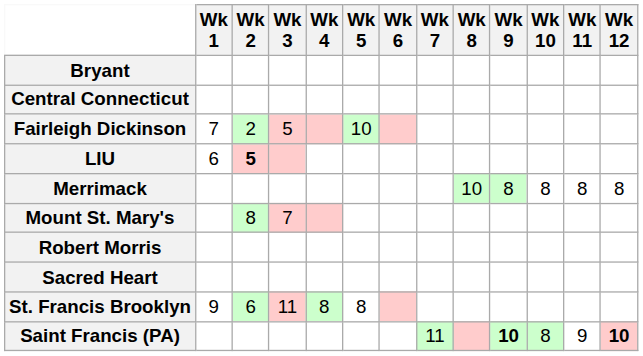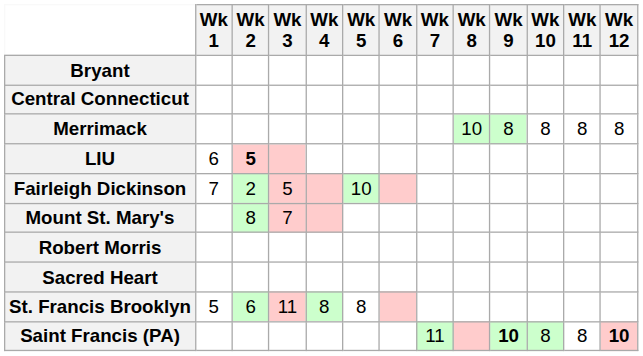 <table class="wikitable" style="white-space:nowrap;font-size:90%;">
 <tr>
 <th style="background:white; border-top-style:hidden; border-left-style:hidden;"> </th>
 <th>Wk<br>1</th>
 <th>Wk<br>2</th>
 <th>Wk<br>3</th>
 <th>Wk<br>4</th>
 <th>Wk<br>5</th>
 <th>Wk<br>6</th>
 <th>Wk<br>7</th>
 <th>Wk<br>8</th>
 <th>Wk<br>9</th>
 <th>Wk<br>10</th>
 <th>Wk<br>11</th>
 <th>Wk<br>12</th>
 </tr>
 <tr style="text-align:center;">
 <th style=>Bryant</th>
 <td style="background:#FFF;"></td>
 <td style="background:#FFF;"></td>
 <td style="background:#FFF;"></td>
 <td style="background:#FFF;"></td>
 <td style="background:#FFF;"></td>
 <td style="background:#FFF;"></td>
 <td style="background:#FFF;"></td>
 <td style="background:#FFF;"></td>
 <td style="background:#FFF;"></td>
 <td style="background:#FFF;"></td>
 <td style="background:#FFF;"></td>
 <td style="background:#FFF;"></td>
 </tr>
 <tr style="text-align:center;">
 <th style=>Central Connecticut</th>
 <td style="background:#FFF;"></td>
 <td style="background:#FFF;"></td>
 <td style="background:#FFF;"></td>
 <td style="background:#FFF;"></td>
 <td style="background:#FFF;"></td>
 <td style="background:#FFF;"></td>
 <td style="background:#FFF;"></td>
 <td style="background:#FFF;"></td>
 <td style="background:#FFF;"></td>
 <td style="background:#FFF;"></td>
 <td style="background:#FFF;"></td>
 <td style="background:#FFF;"></td>
 </tr>
 <tr style="text-align:center;">
-<th style=>Fairleigh Dickinson</th>
-<td style="background:#FFF;"> 7</td>
-<td style="background:#CFC;"> 2</td>
-<td style="background:#FCC;"> 5</td>
-<td style="background:#FCC;"></td>
-<td style="background:#CFC;"> 10</td>
-<td style="background:#FCC;"></td>
+<th style= >Merrimack</th>
 <td style="background:#FFF;"></td>
 <td style="background:#FFF;"></td>
 <td style="background:#FFF;"></td>
 <td style="background:#FFF;"></td>
 <td style="background:#FFF;"></td>
 <td style="background:#FFF;"></td>
+<td style="background:#FFF;"></td>
+<td style="background:#CFC;">10</td>
+<td style="background:#CFC;">8</td>
+<td style="background:#FFF;">8</td>
+<td style="background:#FFF;">8</td>
+<td style="background:#FFF;">8</td>
 </tr>
 <tr style="text-align:center;">
 <th style= >LIU</th>
 <td style="background:#FFF;"> 6</td>
 <td style="background:#FCC;"><strong> 5</strong></td>
 <td style="background:#FCC;"></td>
 <td style="background:#FFF;"></td>
 <td style="background:#FFF;"></td>
 <td style="background:#FFF;"></td>
 <td style="background:#FFF;"></td>
 <td style="background:#FFF;"></td>
 <td style="background:#FFF;"></td>
 <td style="background:#FFF;"></td>
 <td style="background:#FFF;"></td>
 <td style="background:#FFF;"></td>
 </tr>
 <tr style="text-align:center;">
-<th style= >Merrimack</th>
+<th style=>Fairleigh Dickinson</th>
+<td style="background:#FFF;"> 7</td>
+<td style="background:#CFC;"> 2</td>
+<td style="background:#FCC;"> 5</td>
+<td style="background:#FCC;"></td>
+<td style="background:#CFC;"> 10</td>
+<td style="background:#FCC;"></td>
 <td style="background:#FFF;"></td>
 <td style="background:#FFF;"></td>
 <td style="background:#FFF;"></td>
 <td style="background:#FFF;"></td>
 <td style="background:#FFF;"></td>
 <td style="background:#FFF;"></td>
-<td style="background:#FFF;"></td>
-<td style="background:#CFC;">10</td>
-<td style="background:#CFC;">8</td>
-<td style="background:#FFF;">8</td>
-<td style="background:#FFF;">8</td>
-<td style="background:#FFF;">8</td>
 </tr>
 <tr style="text-align:center;">
 <th style= >Mount St. Mary's</th>
 <td style="background:#FFF;"></td>
 <td style="background:#CFC;">8</td>
 <td style="background:#FCC;">7</td>
 <td style="background:#FCC;"></td>
 <td style="background:#FFF;"></td>
 <td style="background:#FFF;"></td>
 <td style="background:#FFF;"></td>
 <td style="background:#FFF;"></td>
 <td style="background:#FFF;"></td>
 <td style="background:#FFF;"></td>
 <td style="background:#FFF;"></td>
 <td style="background:#FFF;"></td>
 </tr>
 <tr style="text-align:center;">
 <th style= >Robert Morris</th>
 <td style="background:#FFF;"></td>
 <td style="background:#FFF;"></td>
 <td style="background:#FFF;"></td>
 <td style="background:#FFF;"></td>
 <td style="background:#FFF;"></td>
 <td style="background:#FFF;"></td>
 <td style="background:#FFF;"></td>
 <td style="background:#FFF;"></td>
 <td style="background:#FFF;"></td>
 <td style="background:#FFF;"></td>
 <td style="background:#FFF;"></td>
 <td style="background:#FFF;"></td>
 </tr>
 <tr style="text-align:center;">
 <th style= >Sacred Heart</th>
 <td style="background:#FFF;"></td>
 <td style="background:#FFF;"></td>
 <td style="background:#FFF;"></td>
 <td style="background:#FFF;"></td>
 <td style="background:#FFF;"></td>
 <td style="background:#FFF;"></td>
 <td style="background:#FFF;"></td>
 <td style="background:#FFF;"></td>
 <td style="background:#FFF;"></td>
 <td style="background:#FFF;"></td>
 <td style="background:#FFF;"></td>
 <td style="background:#FFF;"></td>
 </tr>
 <tr style="text-align:center;">
 <th style="background:#">St. Francis Brooklyn</th>
-<td style="background:#FFF;"> 9</td>
+<td style="background:#FFF;"> 5</td>
 <td style="background:#CFC;"> 6</td>
 <td style="background:#FCC;"> 11</td>
 <td style="background:#CFC;"> 8</td>
 <td style="background:#FFF;"> 8</td>
 <td style="background:#FCC;"></td>
 <td style="background:#FFF;"></td>
 <td style="background:#FFF;"></td>
 <td style="background:#FFF;"></td>
 <td style="background:#FFF;"></td>
 <td style="background:#FFF;"></td>
 <td style="background:#FFF;"></td>
 </tr>
 <tr style="text-align:center;">
 <th style="background:#">Saint Francis (PA)</th>
 <td style="background:#FFF;"></td>
 <td style="background:#FFF;"></td>
 <td style="background:#FFF;"></td>
 <td style="background:#FFF;"></td>
 <td style="background:#FFF;"></td>
 <td style="background:#FFF;"></td>
 <td style="background:#CFC;">11</td>
 <td style="background:#FCC;"></td>
 <td style="background:#CFC;"><strong>10</strong></td>
 <td style="background:#CFC;">8</td>
-<td style="background:#FFF;">9</td>
+<td style="background:#FFF;">8</td>
 <td style="background:#FCC;"><strong>10</strong></td>
 </tr>
 </table>
